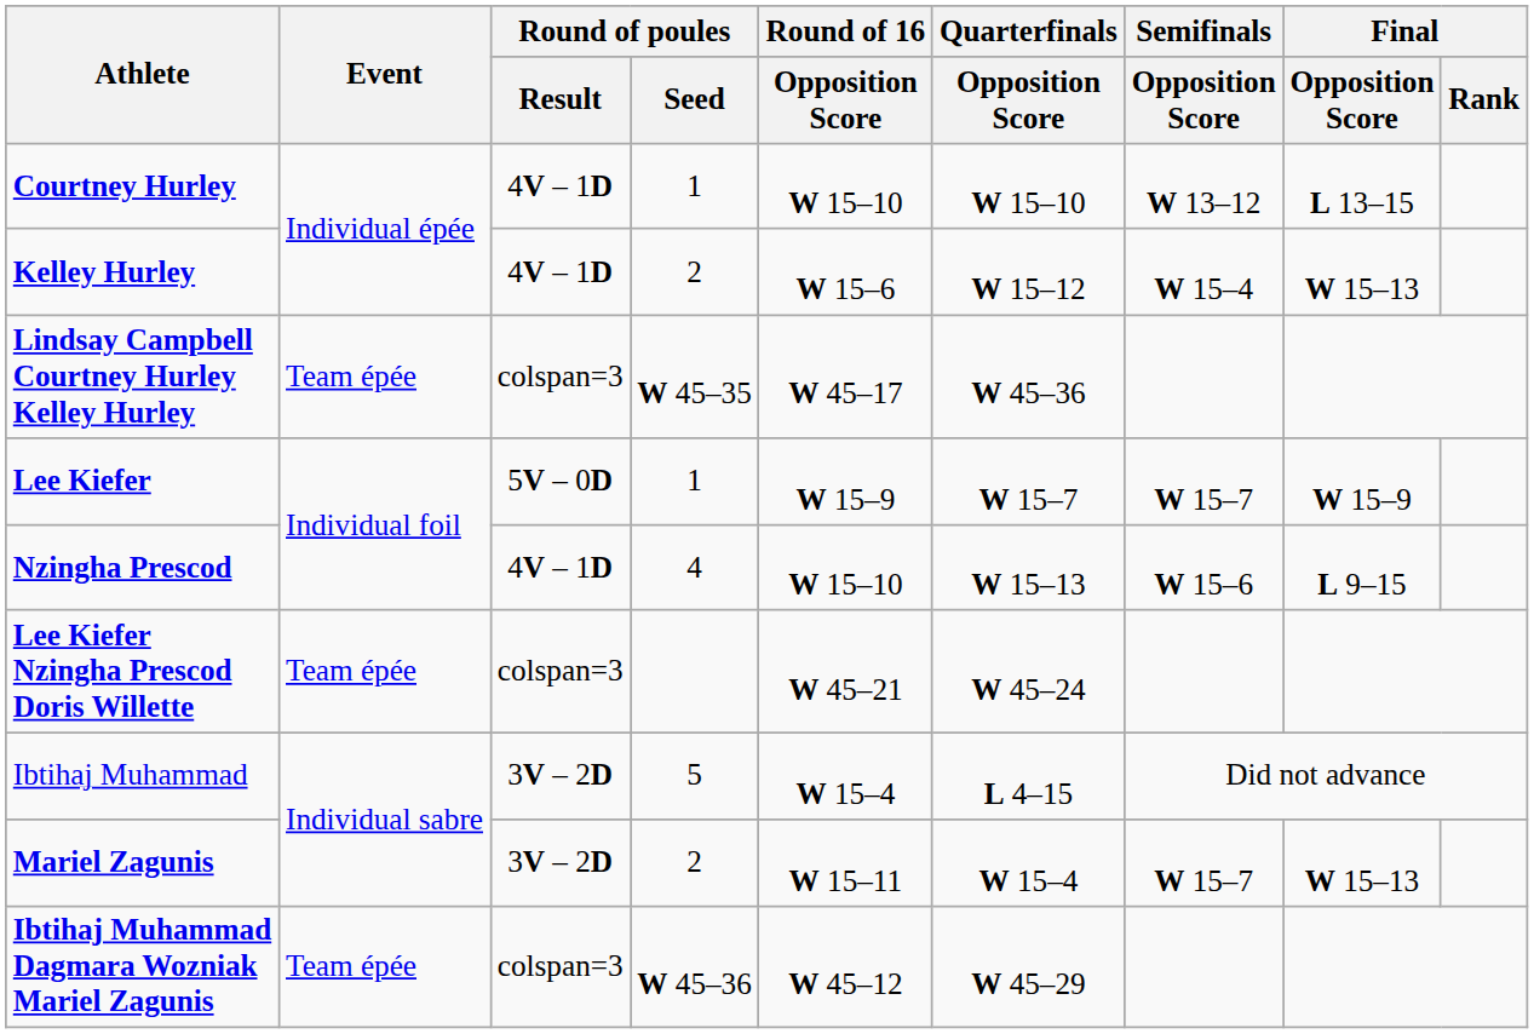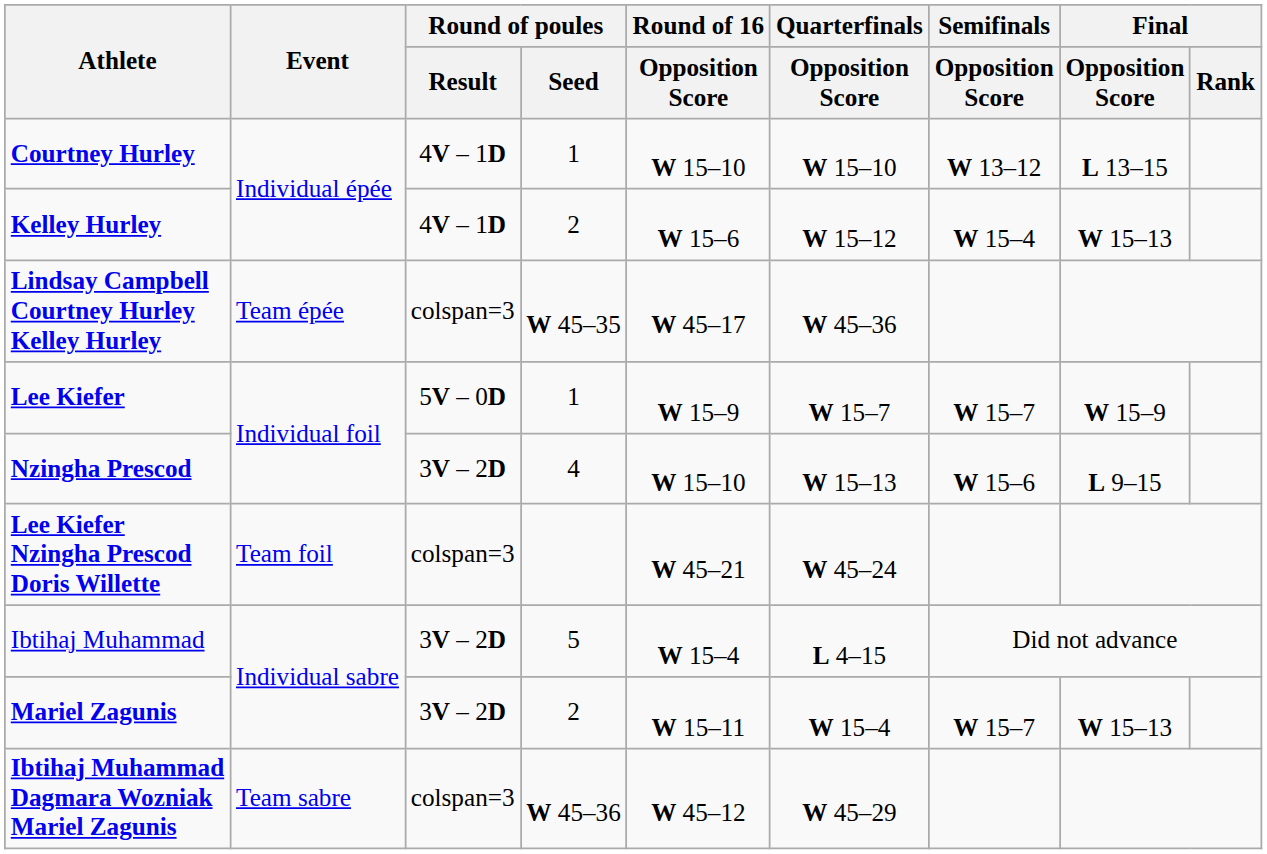 <table class="wikitable" style="font-size:90%">
 <tr>
 <th rowspan=2>Athlete</th>
 <th rowspan=2>Event</th>
 <th colspan=2>Round of poules</th>
 <th>Round of 16</th>
 <th>Quarterfinals</th>
 <th>Semifinals</th>
 <th colspan=2>Final</th>
 </tr>
 <tr>
 <th>Result</th>
 <th>Seed</th>
 <th>Opposition<br>Score</th>
 <th>Opposition<br>Score</th>
 <th>Opposition<br>Score</th>
 <th>Opposition<br>Score</th>
 <th>Rank</th>
 </tr>
 <tr align=center>
 <td align=left><strong><a href='#'>Courtney Hurley</a></strong></td>
 <td align=left rowspan=2><a href='#'>Individual épée</a></td>
 <td>4<strong>V</strong> – 1<strong>D</strong></td>
 <td>1</td>
 <td><br><strong>W</strong> 15–10</td>
 <td><br><strong>W</strong> 15–10</td>
 <td><br><strong>W</strong> 13–12</td>
 <td><br><strong>L</strong> 13–15</td>
 <td></td>
 </tr>
 <tr align=center>
 <td align=left><strong><a href='#'>Kelley Hurley</a></strong></td>
 <td>4<strong>V</strong> – 1<strong>D</strong></td>
 <td>2</td>
 <td><br><strong>W</strong> 15–6</td>
 <td><br><strong>W</strong> 15–12</td>
 <td><br><strong>W</strong> 15–4</td>
 <td><br><strong>W</strong> 15–13</td>
 <td></td>
 </tr>
 <tr align=center>
 <td align=left><strong><a href='#'>Lindsay Campbell</a><br><a href='#'>Courtney Hurley</a><br><a href='#'>Kelley Hurley</a></strong></td>
 <td align=left><a href='#'>Team épée</a></td>
 <td>colspan=3 </td>
 <td><br><strong>W</strong> 45–35</td>
 <td><br><strong>W</strong> 45–17</td>
 <td><br><strong>W</strong> 45–36</td>
 <td></td>
 </tr>
 <tr align=center>
 <td align=left><strong><a href='#'>Lee Kiefer</a></strong></td>
 <td align=left rowspan=2><a href='#'>Individual foil</a></td>
 <td>5<strong>V</strong> – 0<strong>D</strong></td>
 <td>1</td>
 <td><br><strong>W</strong> 15–9</td>
 <td><br><strong>W</strong> 15–7</td>
 <td><br><strong>W</strong> 15–7</td>
 <td><br><strong>W</strong> 15–9</td>
 <td></td>
 </tr>
 <tr align=center>
 <td align=left><strong><a href='#'>Nzingha Prescod</a></strong></td>
-<td>4<strong>V</strong> – 1<strong>D</strong></td>
+<td>3<strong>V</strong> – 2<strong>D</strong></td>
 <td>4</td>
 <td><br><strong>W</strong> 15–10</td>
 <td><br><strong>W</strong> 15–13</td>
 <td><br><strong>W</strong> 15–6</td>
 <td><br><strong>L</strong> 9–15</td>
 <td></td>
 </tr>
 <tr align=center>
 <td align=left><strong><a href='#'>Lee Kiefer</a><br><a href='#'>Nzingha Prescod</a><br><a href='#'>Doris Willette</a></strong></td>
-<td align=left><a href='#'>Team épée</a></td>
+<td align=left><a href='#'>Team foil</a></td>
 <td>colspan=3 </td>
 <td></td>
 <td><br><strong>W</strong> 45–21</td>
 <td><br><strong>W</strong> 45–24</td>
 <td></td>
 </tr>
 <tr align=center>
 <td align=left><a href='#'>Ibtihaj Muhammad</a></td>
 <td align=left rowspan=2><a href='#'>Individual sabre</a></td>
 <td>3<strong>V</strong> – 2<strong>D</strong></td>
 <td>5</td>
 <td><br><strong>W</strong> 15–4</td>
 <td><br><strong>L</strong> 4–15</td>
 <td colspan=3>Did not advance</td>
 </tr>
 <tr align=center>
 <td align=left><strong><a href='#'>Mariel Zagunis</a></strong></td>
 <td>3<strong>V</strong> – 2<strong>D</strong></td>
 <td>2</td>
 <td><br><strong>W</strong> 15–11</td>
 <td><br><strong>W</strong> 15–4</td>
 <td><br><strong>W</strong> 15–7</td>
 <td><br><strong>W</strong> 15–13</td>
 <td></td>
 </tr>
 <tr align=center>
 <td align=left><strong><a href='#'>Ibtihaj Muhammad</a><br><a href='#'>Dagmara Wozniak</a><br><a href='#'>Mariel Zagunis</a></strong></td>
-<td align=left><a href='#'>Team épée</a></td>
+<td align=left><a href='#'>Team sabre</a></td>
 <td>colspan=3 </td>
 <td><br><strong>W</strong> 45–36</td>
 <td><br><strong>W</strong> 45–12</td>
 <td><br><strong>W</strong> 45–29</td>
 <td></td>
 </tr>
 </table>
